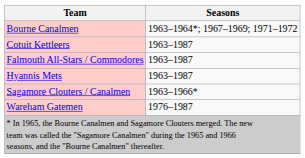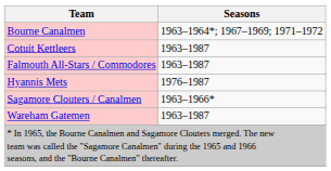 <table class="wikitable" style="display: inline-table; margin-right: 15px; text-align:left">
 <tr>
 <th>Team</th>
 <th>Seasons</th>
 </tr>
 <tr>
 <td bgcolor=#ffcccc><a href='#'>Bourne Canalmen</a></td>
 <td>1963–1964*; 1967–1969; 1971–1972</td>
 </tr>
 <tr>
 <td bgcolor=#ffcccc><a href='#'>Cotuit Kettleers</a></td>
 <td>1963–1987</td>
 </tr>
 <tr>
 <td bgcolor=#ffcccc><a href='#'>Falmouth All-Stars / Commodores</a></td>
 <td>1963–1987</td>
 </tr>
 <tr>
 <td bgcolor=#ffcccc><a href='#'>Hyannis Mets</a></td>
-<td>1963–1987</td>
+<td>1976–1987</td>
 </tr>
 <tr>
 <td bgcolor=#ffcccc><a href='#'>Sagamore Clouters / Canalmen</a></td>
 <td>1963–1966*</td>
 </tr>
 <tr>
 <td bgcolor=#ffcccc><a href='#'>Wareham Gatemen</a></td>
-<td>1976–1987</td>
+<td>1963–1987</td>
 </tr>
 <tr>
 <td colspan="2" align="left" bgcolor=#cccccc><small>* In 1965, the Bourne Canalmen and Sagamore Clouters merged. The new<br>team was called the "Sagamore Canalmen" during the 1965 and 1966<br>seasons, and the "Bourne Canalmen" thereafter.</small></td>
 </tr>
 <tr>
 </tr>
 </table>
